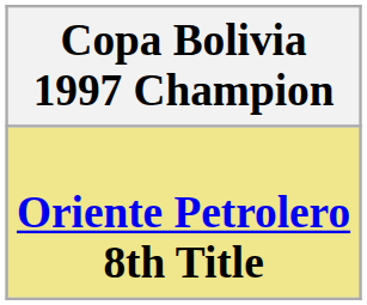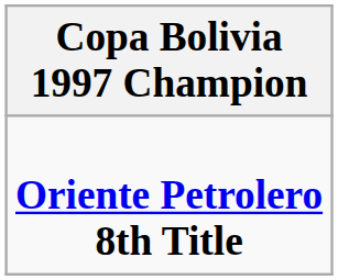 <table class="wikitable" style="text-align: center; margin: 0 auto;">
 <tr>
 <th>Copa Bolivia <br>1997  Champion</th>
 </tr>
 <tr>
-<td style="background: khaki;"><br><strong><a href='#'>Oriente Petrolero</a></strong><br><strong>8th Title </strong></td>
+<td><br><strong><a href='#'>Oriente Petrolero</a></strong><br><strong>8th Title </strong></td>
 </tr>
 </table>
